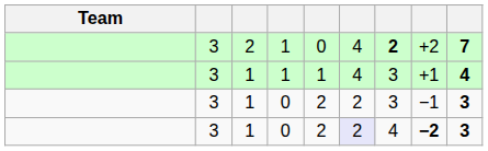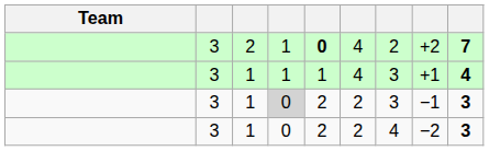 <table class="wikitable" style="text-align:center;">
 <tr>
 </tr>
 <tr>
 <th width=165>Team</th>
 <th width=25></th>
 <th width=25></th>
 <th width=25></th>
 <th width=25></th>
 <th width=25></th>
 <th width=25></th>
 <th width=25></th>
 <th width=25></th>
 </tr>
 <tr style="background:#cfc;">
 <td align="left"></td>
 <td>3</td>
 <td>2</td>
 <td>1</td>
-<td>0</td>
+<td><strong>0</strong></td>
 <td>4</td>
-<td><strong>2</strong></td>
+<td>2</td>
 <td>+2</td>
 <td><strong>7</strong></td>
 </tr>
 <tr style="background:#cfc;">
 <td align="left"></td>
 <td>3</td>
 <td>1</td>
 <td>1</td>
 <td>1</td>
 <td>4</td>
 <td>3</td>
 <td>+1</td>
 <td><strong>4</strong></td>
 </tr>
 <tr>
 <td align="left"></td>
 <td>3</td>
 <td>1</td>
-<td>0</td>
+<td style="background: lightgrey;">0</td>
 <td>2</td>
 <td>2</td>
 <td>3</td>
 <td>−1</td>
 <td><strong>3</strong></td>
 </tr>
 <tr>
 <td align="left"><strong></strong></td>
 <td>3</td>
 <td>1</td>
 <td>0</td>
 <td>2</td>
-<td style="background: lavender;">2</td>
+<td>2</td>
 <td>4</td>
-<td><strong>−2</strong></td>
+<td>−2</td>
 <td><strong>3</strong></td>
 </tr>
 </table>
